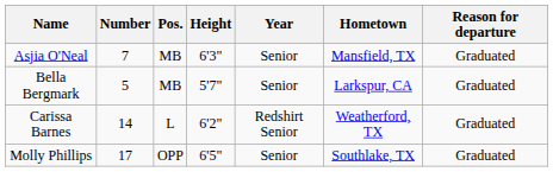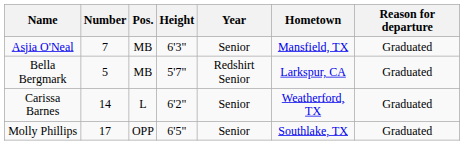 <table class="wikitable sortable" border="1">
 <tr>
 <th style="text-align:center; ">Name</th>
 <th style="text-align:center; ">Number</th>
 <th style="text-align:center; ">Pos.</th>
 <th style="text-align:center; ">Height</th>
 <th style="text-align:center; ">Year</th>
 <th style="text-align:center; ">Hometown</th>
 <th style="text-align:center; ">Reason for departure</th>
 </tr>
 <tr align="center">
 <td><a href='#'>Asjia O'Neal</a></td>
 <td>7</td>
 <td>MB</td>
 <td>6'3"</td>
 <td>Senior</td>
 <td><a href='#'>Mansfield, TX</a></td>
 <td>Graduated</td>
 </tr>
 <tr align="center">
 <td>Bella Bergmark</td>
 <td>5</td>
 <td>MB</td>
 <td>5'7"</td>
-<td>Senior</td>
+<td>Redshirt Senior</td>
 <td><a href='#'>Larkspur, CA</a></td>
 <td>Graduated</td>
 </tr>
 <tr align="center">
 <td>Carissa Barnes</td>
 <td>14</td>
 <td>L</td>
 <td>6'2"</td>
-<td>Redshirt Senior</td>
+<td>Senior</td>
 <td><a href='#'>Weatherford, TX</a></td>
 <td>Graduated</td>
 </tr>
 <tr align="center">
 <td>Molly Phillips</td>
 <td>17</td>
 <td>OPP</td>
 <td>6'5"</td>
 <td>Senior</td>
 <td><a href='#'>Southlake, TX</a></td>
 <td>Graduated</td>
 </tr>
 </table>
